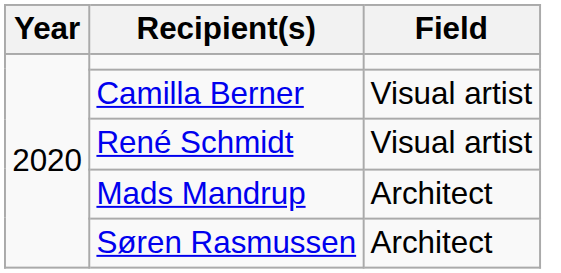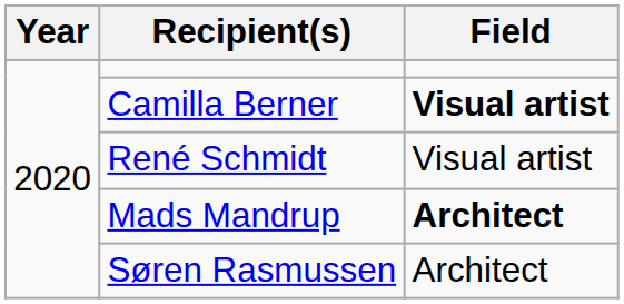 <table class="wikitable sortable">
 <tr>
 <th>Year</th>
 <th>Recipient(s)</th>
 <th>Field</th>
 </tr>
 <tr>
 <td rowspan="5">2020</td>
 <td></td>
 </tr>
 <tr>
 <td><a href='#'>Camilla Berner</a></td>
-<td>Visual artist</td>
+<td><strong>Visual artist</strong></td>
 </tr>
 <tr>
 <td><a href='#'>René Schmidt</a></td>
 <td>Visual artist</td>
 </tr>
 <tr>
 <td><a href='#'>Mads Mandrup</a></td>
-<td>Architect</td>
+<td><strong>Architect</strong></td>
 </tr>
 <tr>
 <td><a href='#'>Søren Rasmussen</a></td>
 <td>Architect</td>
 </tr>
 </table>
